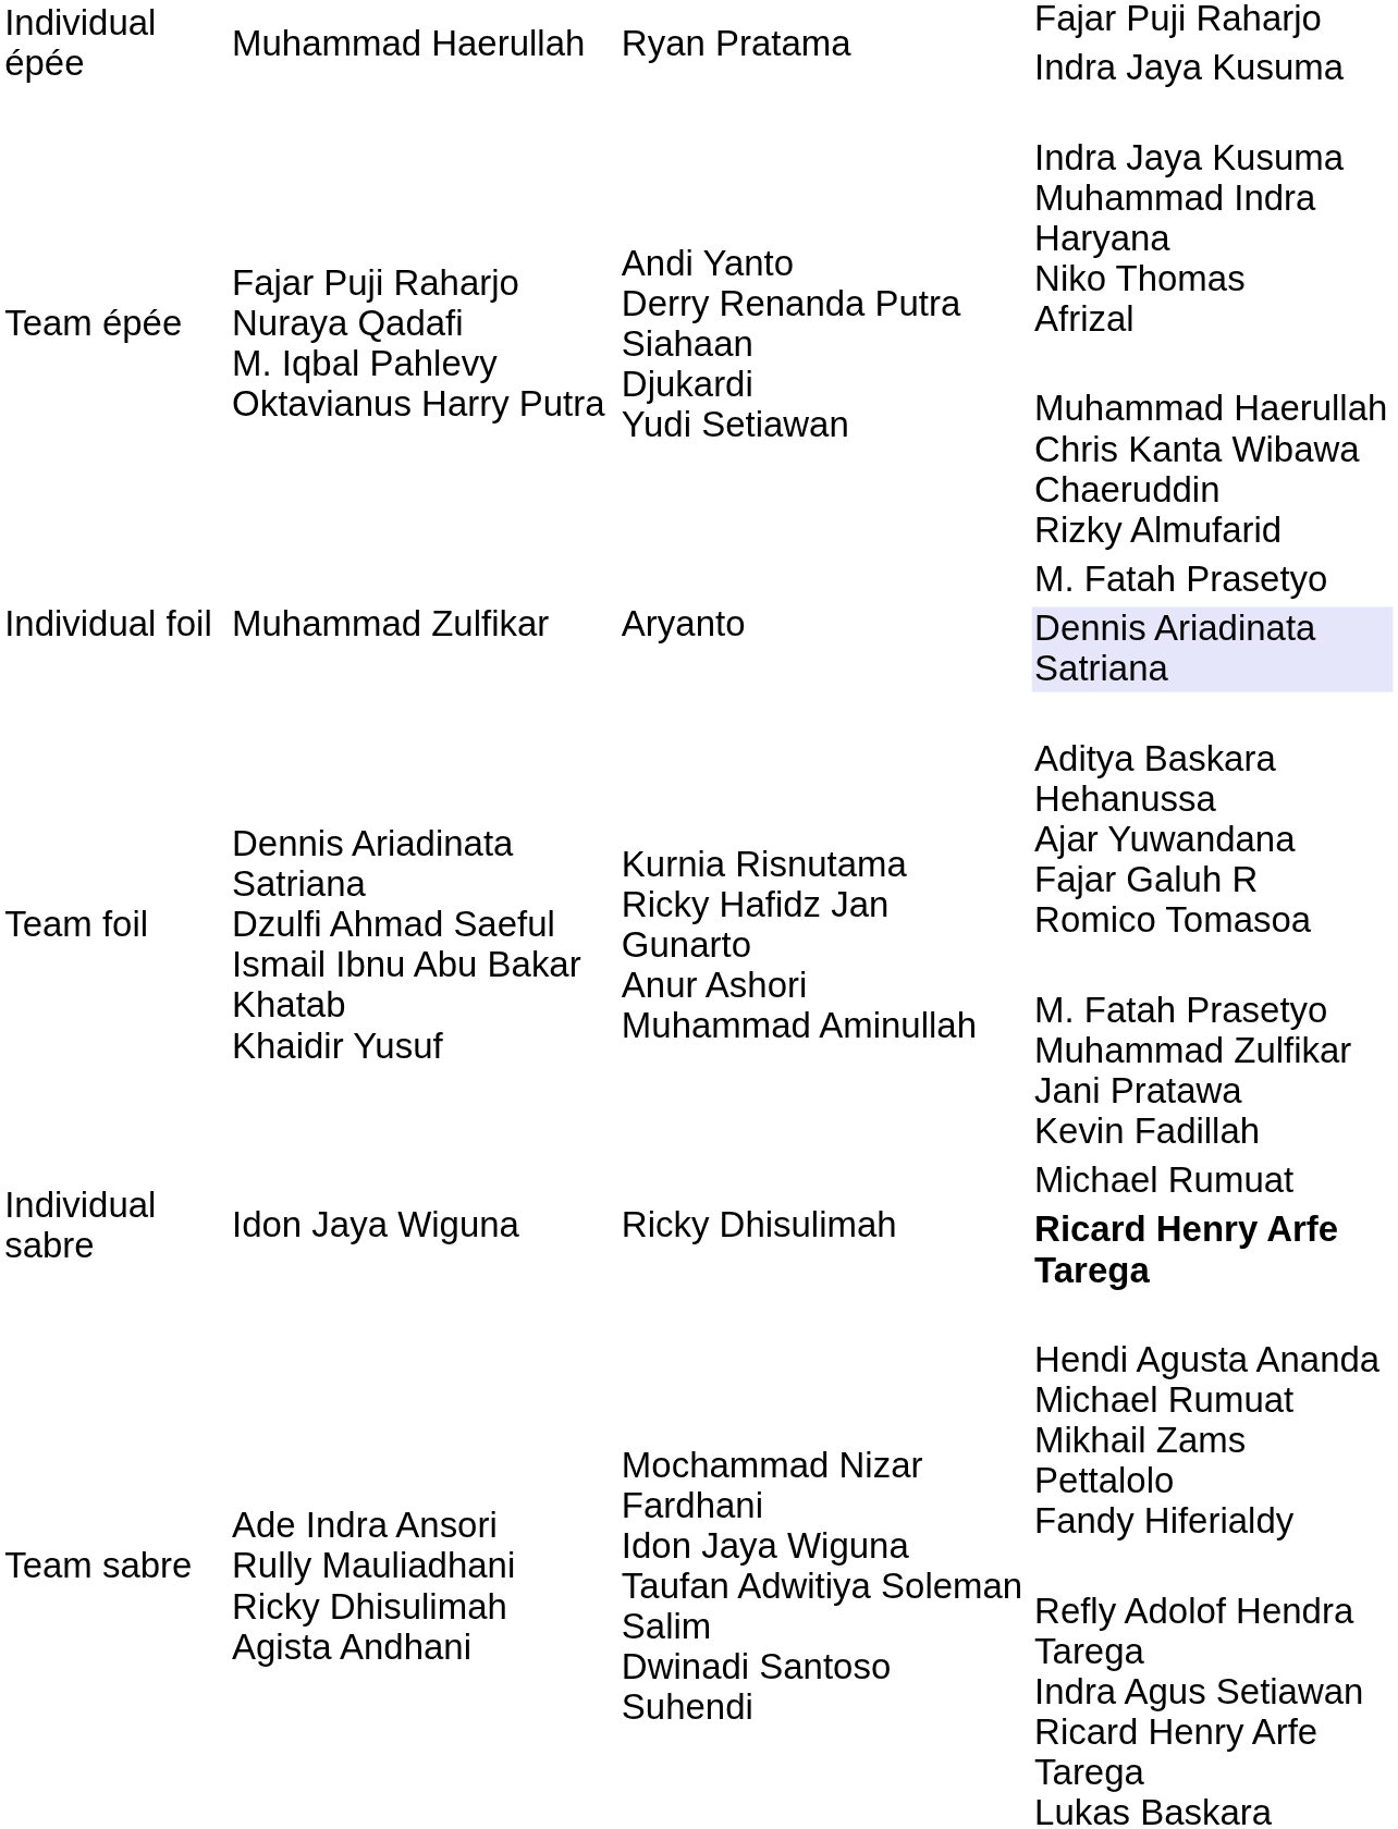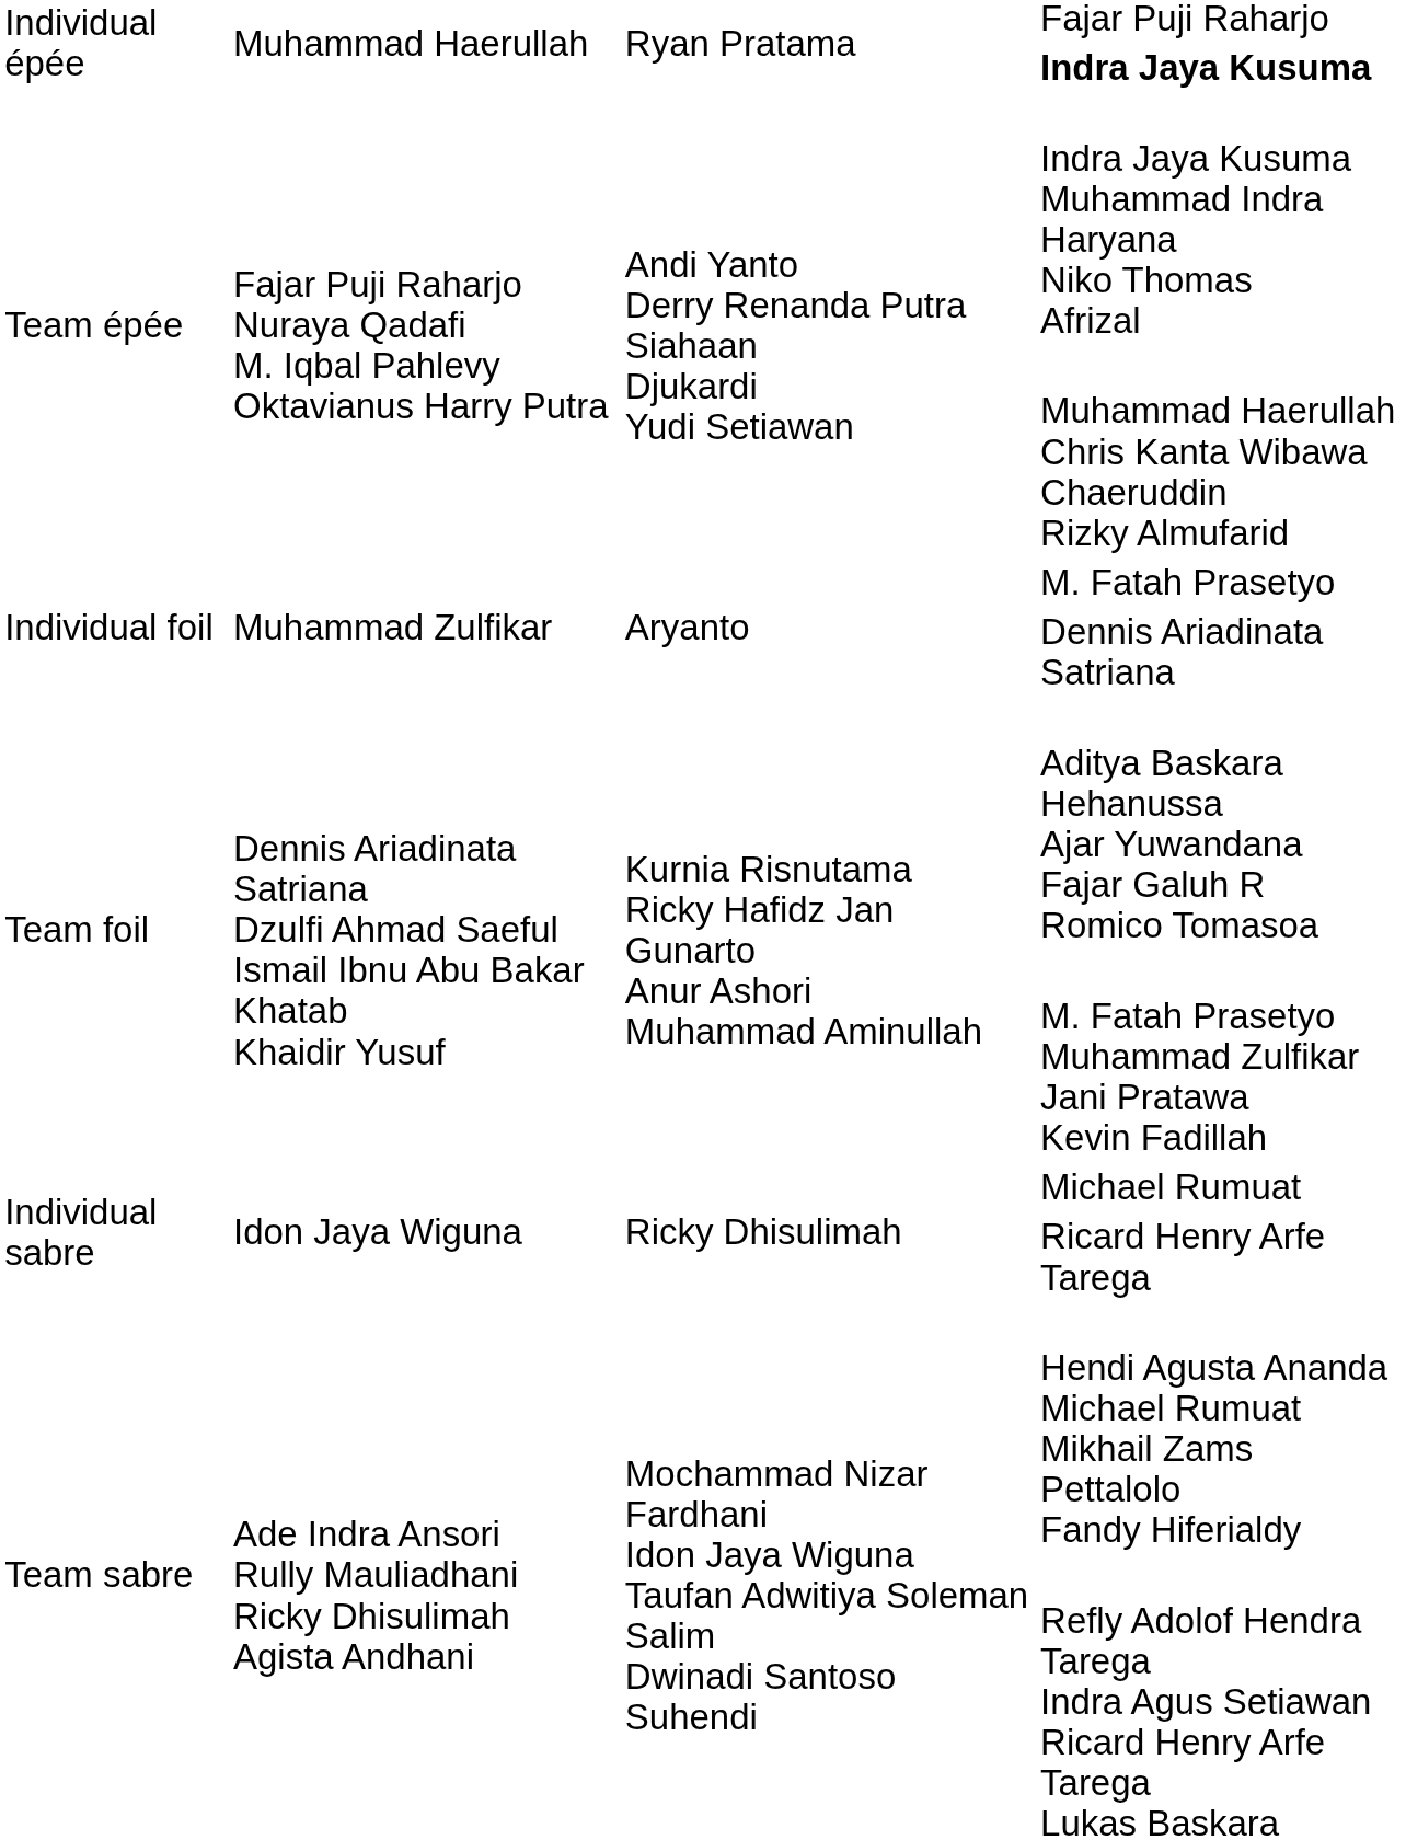 <table>
 <tr>
 <td rowspan=2>Individual épée</td>
 <td rowspan=2>Muhammad Haerullah<br></td>
 <td rowspan=2>Ryan Pratama<br></td>
 <td>Fajar Puji Raharjo<br></td>
 </tr>
 <tr>
-<td>Indra Jaya Kusuma<br></td>
+<td><strong>Indra Jaya Kusuma<br></strong></td>
 </tr>
 <tr>
 <td rowspan=2>Team épée</td>
 <td rowspan=2><br>Fajar Puji Raharjo<br>Nuraya Qadafi<br>M. Iqbal Pahlevy<br>Oktavianus Harry Putra</td>
 <td rowspan=2><br>Andi Yanto<br>Derry Renanda Putra Siahaan<br>Djukardi<br>Yudi Setiawan</td>
 <td><br>Indra Jaya Kusuma<br>Muhammad Indra Haryana<br>Niko Thomas<br>Afrizal</td>
 </tr>
 <tr>
 <td><br>Muhammad Haerullah<br>Chris Kanta Wibawa<br>Chaeruddin<br>Rizky Almufarid</td>
 </tr>
 <tr>
 <td rowspan=2>Individual foil</td>
 <td rowspan=2>Muhammad Zulfikar<br></td>
 <td rowspan=2>Aryanto<br></td>
 <td>M. Fatah Prasetyo<br></td>
 </tr>
 <tr>
-<td style="background: lavender;">Dennis Ariadinata Satriana<br></td>
+<td>Dennis Ariadinata Satriana<br></td>
 </tr>
 <tr>
 <td rowspan=2>Team foil</td>
 <td rowspan=2><br>Dennis Ariadinata Satriana<br>Dzulfi Ahmad Saeful<br>Ismail Ibnu Abu Bakar Khatab<br>Khaidir Yusuf</td>
 <td rowspan=2><br>Kurnia Risnutama<br>Ricky Hafidz Jan Gunarto<br>Anur Ashori<br>Muhammad Aminullah</td>
 <td><br>Aditya Baskara Hehanussa<br>Ajar Yuwandana<br>Fajar Galuh R<br>Romico Tomasoa</td>
 </tr>
 <tr>
 <td><br>M. Fatah Prasetyo<br>Muhammad Zulfikar<br>Jani Pratawa<br>Kevin Fadillah</td>
 </tr>
 <tr>
 <td rowspan=2>Individual sabre</td>
 <td rowspan=2>Idon Jaya Wiguna<br></td>
 <td rowspan=2>Ricky Dhisulimah<br></td>
 <td>Michael Rumuat<br></td>
 </tr>
 <tr>
-<td><strong>Ricard Henry Arfe Tarega<br></strong></td>
+<td>Ricard Henry Arfe Tarega<br></td>
 </tr>
 <tr>
 <td rowspan=2>Team sabre</td>
 <td rowspan=2><br>Ade Indra Ansori<br>Rully Mauliadhani<br>Ricky Dhisulimah<br>Agista Andhani</td>
 <td rowspan=2><br>Mochammad Nizar Fardhani<br>Idon Jaya Wiguna<br>Taufan Adwitiya Soleman Salim<br>Dwinadi Santoso Suhendi</td>
 <td><br>Hendi Agusta Ananda<br>Michael Rumuat<br>Mikhail Zams Pettalolo<br>Fandy Hiferialdy</td>
 </tr>
 <tr>
 <td><br>Refly Adolof Hendra Tarega<br>Indra Agus Setiawan<br>Ricard Henry Arfe Tarega<br>Lukas Baskara</td>
 </tr>
 </table>
